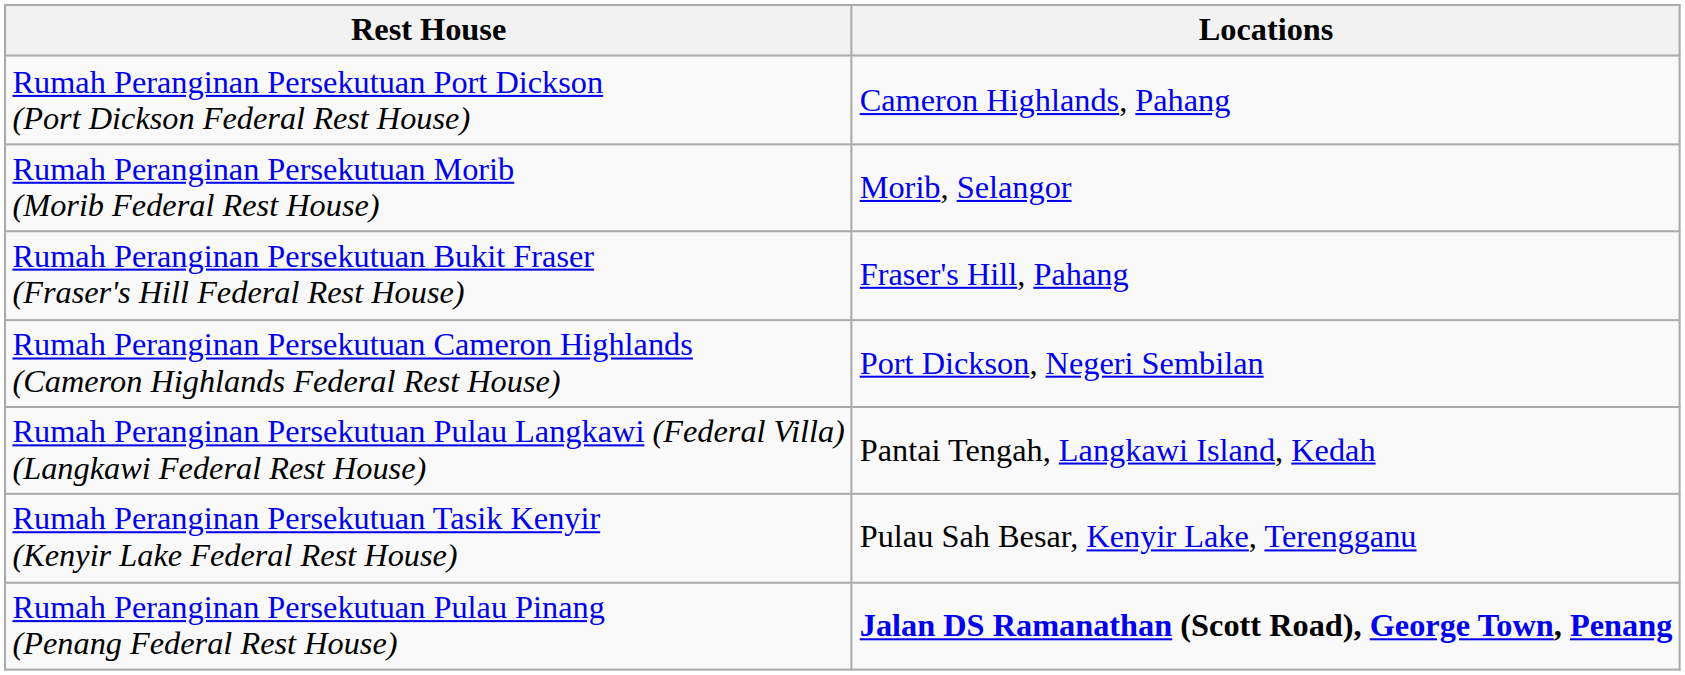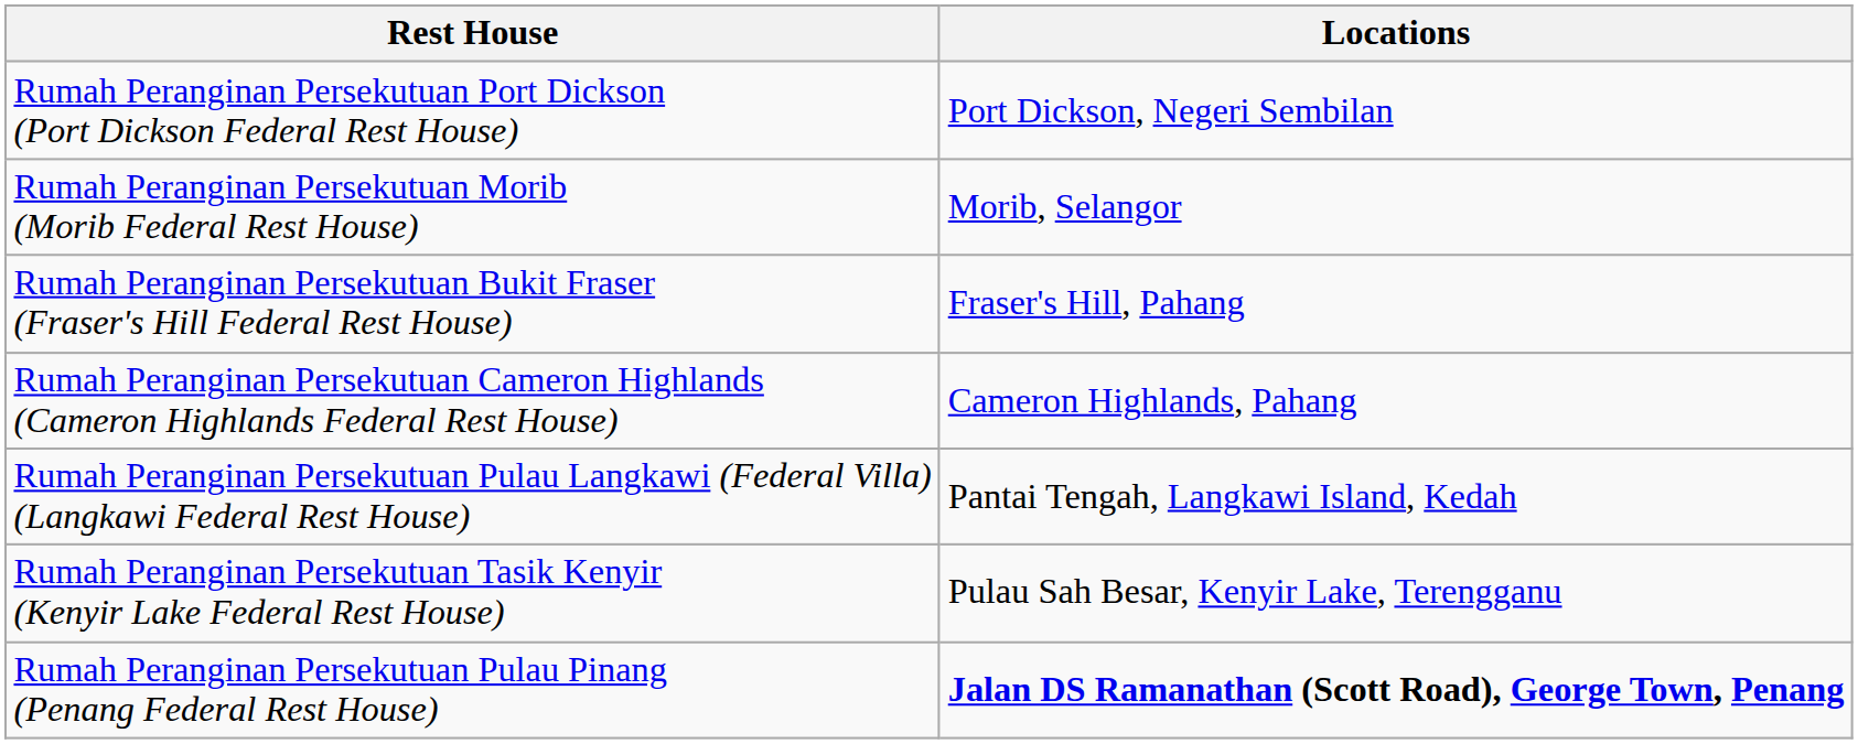 <table class="wikitable">
 <tr>
 <th>Rest House</th>
 <th>Locations</th>
 </tr>
 <tr>
 <td><a href='#'>Rumah Peranginan Persekutuan Port Dickson</a><br><em>(Port Dickson Federal Rest House)</em></td>
-<td><a href='#'>Cameron Highlands</a>, <a href='#'>Pahang</a></td>
+<td><a href='#'>Port Dickson</a>, <a href='#'>Negeri Sembilan</a></td>
 </tr>
 <tr>
 <td><a href='#'>Rumah Peranginan Persekutuan Morib</a><br><em>(Morib Federal Rest House)</em></td>
 <td><a href='#'>Morib</a>, <a href='#'>Selangor</a></td>
 </tr>
 <tr>
 <td><a href='#'>Rumah Peranginan Persekutuan Bukit Fraser</a><br><em>(Fraser's Hill Federal Rest House)</em></td>
 <td><a href='#'>Fraser's Hill</a>, <a href='#'>Pahang</a></td>
 </tr>
 <tr>
 <td><a href='#'>Rumah Peranginan Persekutuan Cameron Highlands</a><br><em>(Cameron Highlands Federal Rest House)</em></td>
-<td><a href='#'>Port Dickson</a>, <a href='#'>Negeri Sembilan</a></td>
+<td><a href='#'>Cameron Highlands</a>, <a href='#'>Pahang</a></td>
 </tr>
 <tr>
 <td><a href='#'>Rumah Peranginan Persekutuan Pulau Langkawi</a> <em>(Federal Villa)</em><br><em>(Langkawi Federal Rest House)</em></td>
 <td>Pantai Tengah, <a href='#'>Langkawi Island</a>, <a href='#'>Kedah</a></td>
 </tr>
 <tr>
 <td><a href='#'>Rumah Peranginan Persekutuan Tasik Kenyir</a><br><em>(Kenyir Lake Federal Rest House)</em></td>
 <td>Pulau Sah Besar, <a href='#'>Kenyir Lake</a>, <a href='#'>Terengganu</a></td>
 </tr>
 <tr>
 <td><a href='#'>Rumah Peranginan Persekutuan Pulau Pinang</a><br><em>(Penang Federal Rest House)</em></td>
 <td><strong><a href='#'>Jalan DS Ramanathan</a> (Scott Road), <a href='#'>George Town</a>, <a href='#'>Penang</a></strong></td>
 </tr>
 </table>
